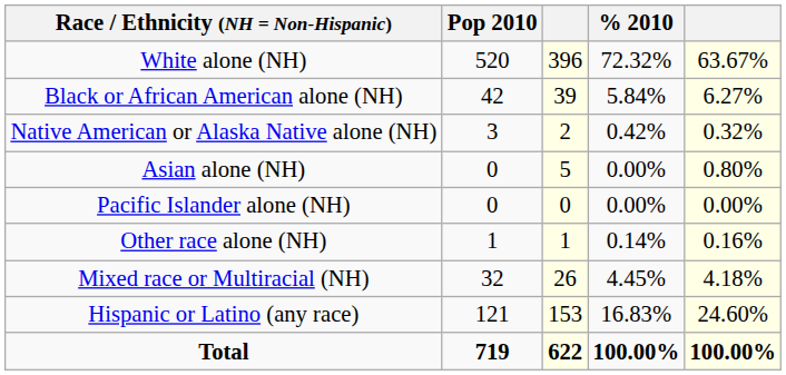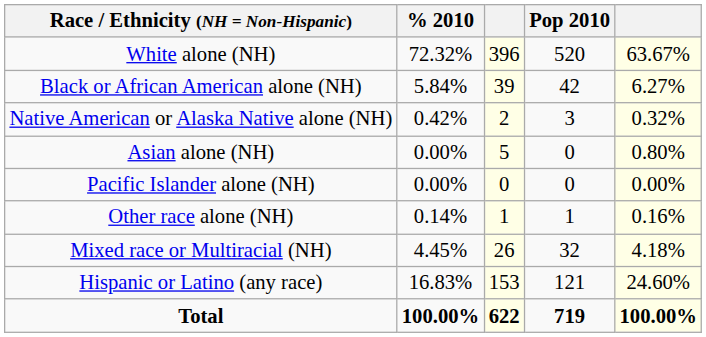 <table class="wikitable" style="text-align:center;">
 <tr>
 <th>Race / Ethnicity <small>(<em>NH = Non-Hispanic</em>)</small></th>
+<th>% 2010</th>
+<th></th>
 <th>Pop 2010</th>
-<th></th>
-<th>% 2010</th>
 <th></th>
 </tr>
 <tr>
 <td><a href='#'>White</a> alone (NH)</td>
+<td>72.32%</td>
+<td style='background: #ffffe6;'>396</td>
 <td>520</td>
-<td style='background: #ffffe6;'>396</td>
-<td>72.32%</td>
 <td style='background: #ffffe6;'>63.67%</td>
 </tr>
 <tr>
 <td><a href='#'>Black or African American</a> alone (NH)</td>
+<td>5.84%</td>
+<td style='background: #ffffe6;'>39</td>
 <td>42</td>
-<td style='background: #ffffe6;'>39</td>
-<td>5.84%</td>
 <td style='background: #ffffe6;'>6.27%</td>
 </tr>
 <tr>
 <td><a href='#'>Native American</a> or <a href='#'>Alaska Native</a> alone (NH)</td>
+<td>0.42%</td>
+<td style='background: #ffffe6;'>2</td>
 <td>3</td>
-<td style='background: #ffffe6;'>2</td>
-<td>0.42%</td>
 <td style='background: #ffffe6;'>0.32%</td>
 </tr>
 <tr>
 <td><a href='#'>Asian</a> alone (NH)</td>
+<td>0.00%</td>
+<td style='background: #ffffe6;'>5</td>
 <td>0</td>
-<td style='background: #ffffe6;'>5</td>
-<td>0.00%</td>
 <td style='background: #ffffe6;'>0.80%</td>
 </tr>
 <tr>
 <td><a href='#'>Pacific Islander</a> alone (NH)</td>
+<td>0.00%</td>
+<td style='background: #ffffe6;'>0</td>
 <td>0</td>
-<td style='background: #ffffe6;'>0</td>
-<td>0.00%</td>
 <td style='background: #ffffe6;'>0.00%</td>
 </tr>
 <tr>
 <td><a href='#'>Other race</a> alone (NH)</td>
+<td>0.14%</td>
+<td style='background: #ffffe6;'>1</td>
 <td>1</td>
-<td style='background: #ffffe6;'>1</td>
-<td>0.14%</td>
 <td style='background: #ffffe6;'>0.16%</td>
 </tr>
 <tr>
 <td><a href='#'>Mixed race or Multiracial</a> (NH)</td>
+<td>4.45%</td>
+<td style='background: #ffffe6;'>26</td>
 <td>32</td>
-<td style='background: #ffffe6;'>26</td>
-<td>4.45%</td>
 <td style='background: #ffffe6;'>4.18%</td>
 </tr>
 <tr>
 <td><a href='#'>Hispanic or Latino</a> (any race)</td>
+<td>16.83%</td>
+<td style='background: #ffffe6;'>153</td>
 <td>121</td>
-<td style='background: #ffffe6;'>153</td>
-<td>16.83%</td>
 <td style='background: #ffffe6;'>24.60%</td>
 </tr>
 <tr>
 <td><strong>Total</strong></td>
+<td><strong>100.00%</strong></td>
+<td style='background: #ffffe6;'><strong>622</strong></td>
 <td><strong>719</strong></td>
-<td style='background: #ffffe6;'><strong>622</strong></td>
-<td><strong>100.00%</strong></td>
 <td style='background: #ffffe6;'><strong>100.00%</strong></td>
 </tr>
 </table>
